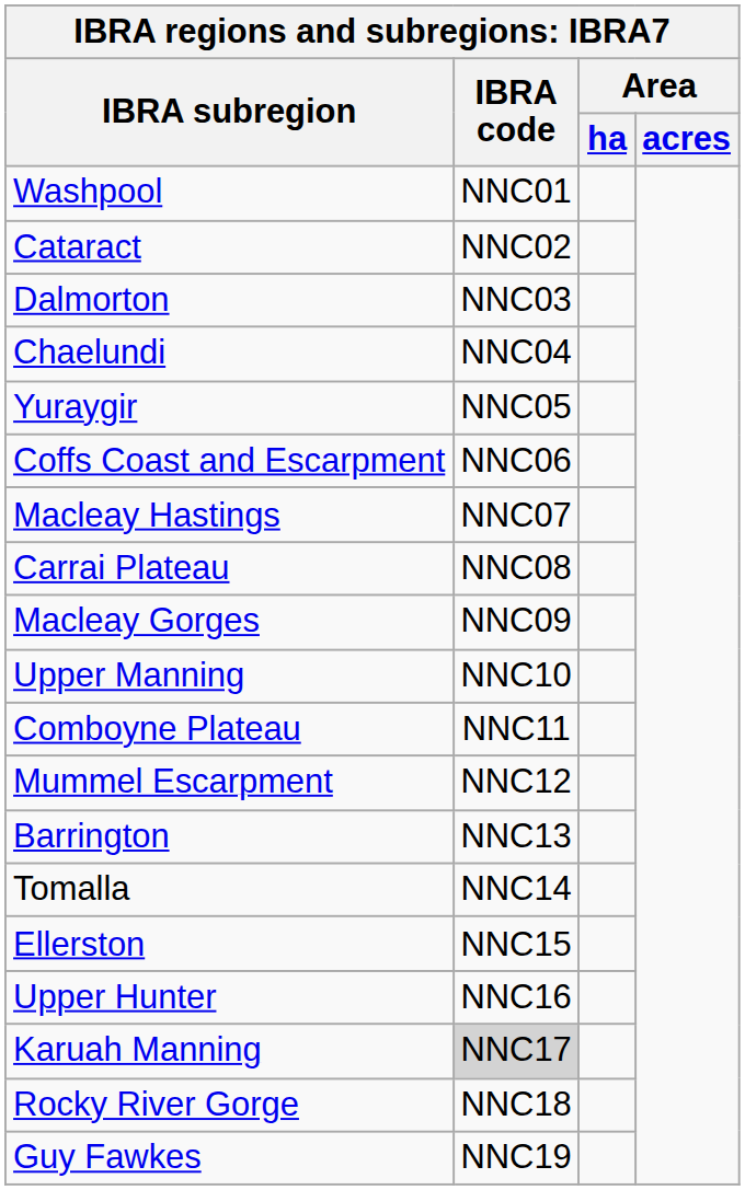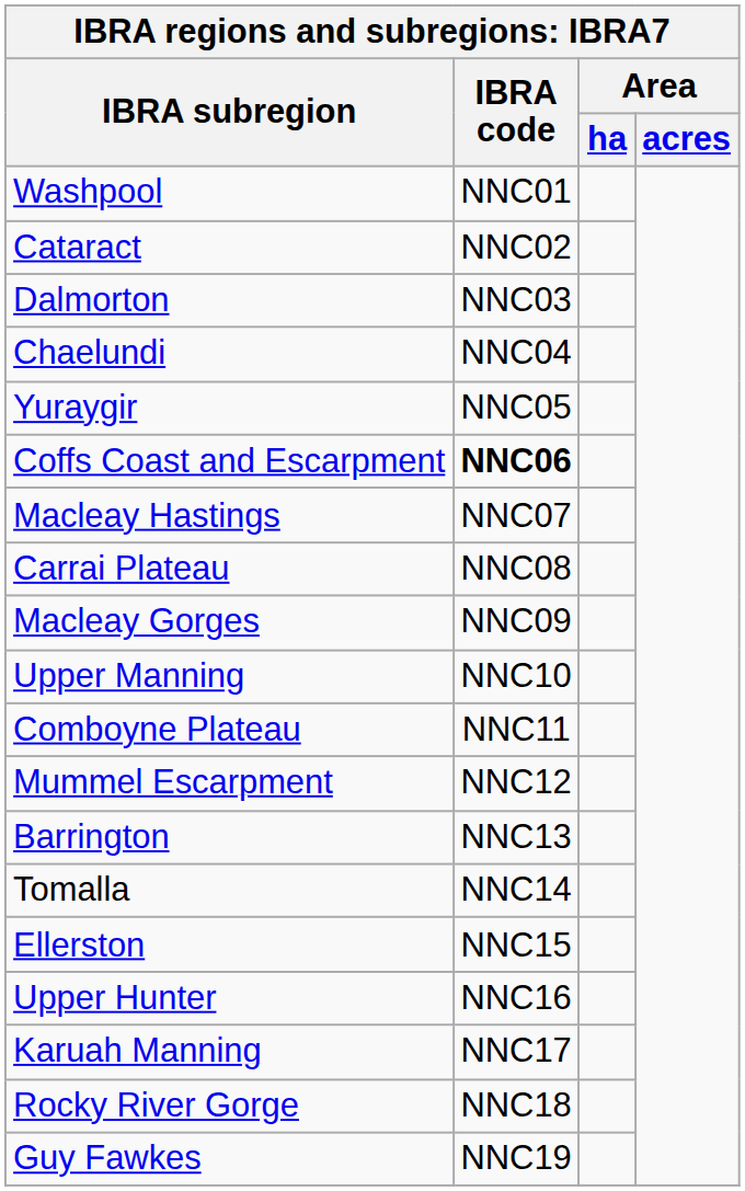 <table class="wikitable sortable">
 <tr>
 <th colspan=5>IBRA regions and subregions: IBRA7</th>
 </tr>
 <tr>
 <th rowspan=2 scope="col">IBRA subregion</th>
 <th rowspan=2 scope="col">IBRA<br>code</th>
 <th colspan=2 scope="col" class=unsortable>Area</th>
 </tr>
 <tr>
 <th><a href='#'>ha</a></th>
 <th><a href='#'>acres</a></th>
 </tr>
 <tr>
 <td><a href='#'>Washpool</a></td>
 <td align="center">NNC01</td>
 <td></td>
 </tr>
 <tr>
 <td><a href='#'>Cataract</a></td>
 <td align="center">NNC02</td>
 <td></td>
 </tr>
 <tr>
 <td><a href='#'>Dalmorton</a></td>
 <td align="center">NNC03</td>
 <td></td>
 </tr>
 <tr>
 <td><a href='#'>Chaelundi</a></td>
 <td align="center">NNC04</td>
 <td></td>
 </tr>
 <tr>
 <td><a href='#'>Yuraygir</a></td>
 <td align="center">NNC05</td>
 <td></td>
 </tr>
 <tr>
 <td><a href='#'>Coffs Coast and Escarpment</a></td>
-<td align="center">NNC06</td>
+<td align="center"><strong>NNC06</strong></td>
 <td></td>
 </tr>
 <tr>
 <td><a href='#'>Macleay Hastings</a></td>
 <td align="center">NNC07</td>
 <td></td>
 </tr>
 <tr>
 <td><a href='#'>Carrai Plateau</a></td>
 <td align="center">NNC08</td>
 <td></td>
 </tr>
 <tr>
 <td><a href='#'>Macleay Gorges</a></td>
 <td align="center">NNC09</td>
 <td></td>
 </tr>
 <tr>
 <td><a href='#'>Upper Manning</a></td>
 <td align="center">NNC10</td>
 <td></td>
 </tr>
 <tr>
 <td><a href='#'>Comboyne Plateau</a></td>
 <td align="center">NNC11</td>
 <td></td>
 </tr>
 <tr>
 <td><a href='#'>Mummel Escarpment</a></td>
 <td align="center">NNC12</td>
 <td></td>
 </tr>
 <tr>
 <td><a href='#'>Barrington</a></td>
 <td align="center">NNC13</td>
 <td></td>
 </tr>
 <tr>
 <td>Tomalla</td>
 <td align="center">NNC14</td>
 <td></td>
 </tr>
 <tr>
 <td><a href='#'>Ellerston</a></td>
 <td align="center">NNC15</td>
 <td></td>
 </tr>
 <tr>
 <td><a href='#'>Upper Hunter</a></td>
 <td align="center">NNC16</td>
 <td></td>
 </tr>
 <tr>
 <td><a href='#'>Karuah Manning</a></td>
-<td align="center" style="background: lightgrey;">NNC17</td>
+<td align="center">NNC17</td>
 <td></td>
 </tr>
 <tr>
 <td><a href='#'>Rocky River Gorge</a></td>
 <td align="center">NNC18</td>
 <td></td>
 </tr>
 <tr>
 <td><a href='#'>Guy Fawkes</a></td>
 <td align="center">NNC19</td>
 <td></td>
 </tr>
 </table>
